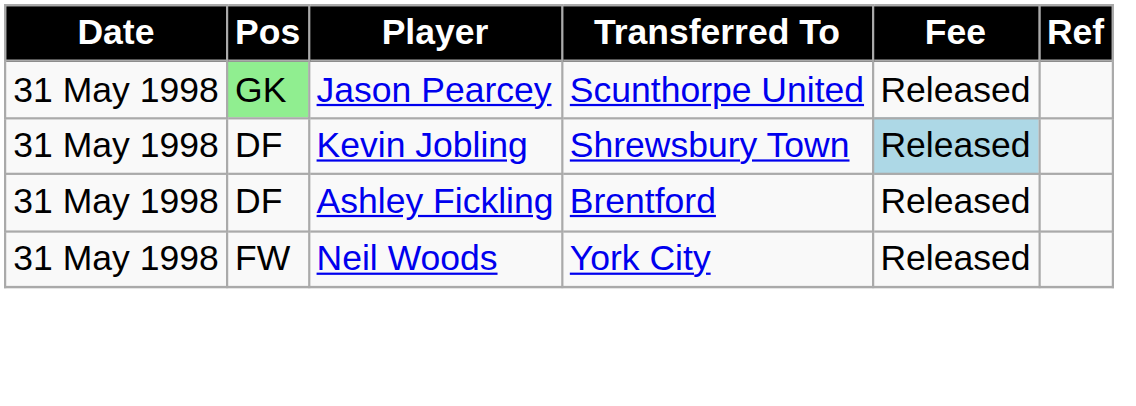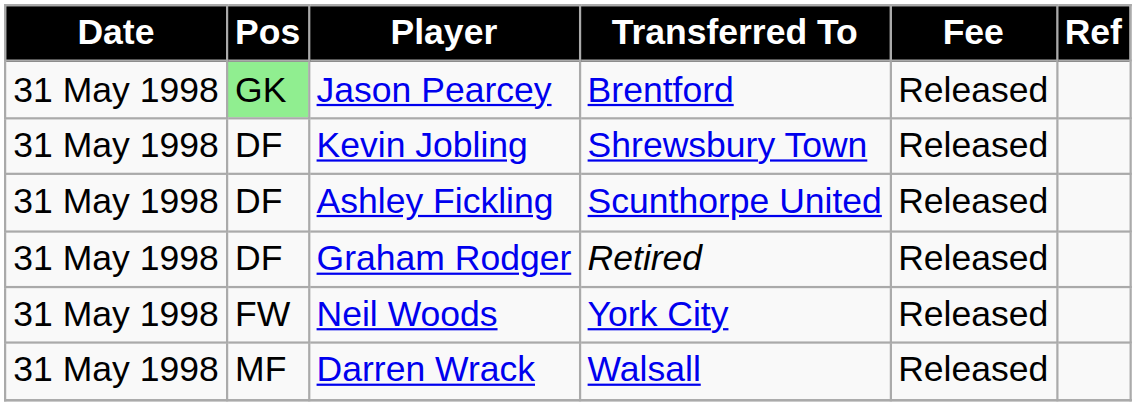 <table class="wikitable plainrowheaders sortable">
 <tr>
 <th style="background:#000000; color:#FFFFFF; ">Date</th>
 <th style="background:#000000; color:#FFFFff; ">Pos</th>
 <th style="background:#000000; color:#FFFFff; ">Player</th>
 <th style="background:#000000; color:#FFFFff; ">Transferred To</th>
 <th style="background:#000000; color:#FFFFff; ">Fee</th>
 <th style="background:#000000; color:#FFFFff; ">Ref</th>
 </tr>
 <tr>
 <td>31 May 1998</td>
 <td style="background: lightgreen;">GK</td>
 <td> <a href='#'>Jason Pearcey</a></td>
-<td> <a href='#'>Scunthorpe United</a></td>
+<td> <a href='#'>Brentford</a></td>
 <td>Released</td>
 <td></td>
 </tr>
 <tr>
 <td>31 May 1998</td>
 <td>DF</td>
 <td> <a href='#'>Kevin Jobling</a></td>
 <td> <a href='#'>Shrewsbury Town</a></td>
-<td style="background: lightblue;">Released</td>
+<td>Released</td>
 <td></td>
 </tr>
 <tr>
 <td>31 May 1998</td>
 <td>DF</td>
 <td> <a href='#'>Ashley Fickling</a></td>
-<td> <a href='#'>Brentford</a></td>
+<td> <a href='#'>Scunthorpe United</a></td>
+<td>Released</td>
+<td></td>
+</tr>
+<tr>
+<td>31 May 1998</td>
+<td>DF</td>
+<td> <a href='#'>Graham Rodger</a></td>
+<td><em>Retired</em></td>
 <td>Released</td>
 <td></td>
 </tr>
 <tr>
 <td>31 May 1998</td>
 <td>FW</td>
 <td> <a href='#'>Neil Woods</a></td>
 <td> <a href='#'>York City</a></td>
 <td>Released</td>
 <td></td>
 </tr>
 <tr>
+<td>31 May 1998</td>
+<td>MF</td>
+<td> <a href='#'>Darren Wrack</a></td>
+<td> <a href='#'>Walsall</a></td>
+<td>Released</td>
+<td></td>
+</tr>
+<tr>
 </tr>
 </table>
